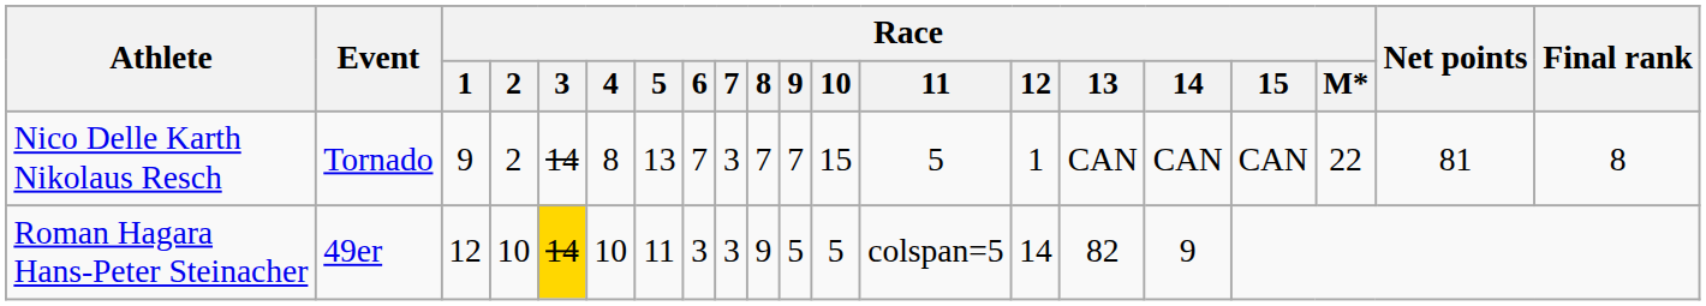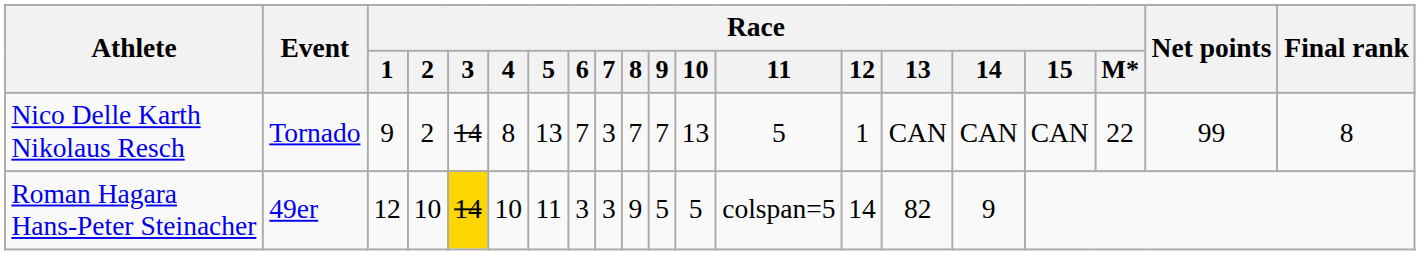 <table class="wikitable" style="font-size:90%">
 <tr>
 <th rowspan=2>Athlete</th>
 <th rowspan=2>Event</th>
 <th colspan=16>Race</th>
 <th rowspan=2>Net points</th>
 <th rowspan=2>Final rank</th>
 </tr>
 <tr style="font-size:95%">
 <th>1</th>
 <th>2</th>
 <th>3</th>
 <th>4</th>
 <th>5</th>
 <th>6</th>
 <th>7</th>
 <th>8</th>
 <th>9</th>
 <th>10</th>
 <th>11</th>
 <th>12</th>
 <th>13</th>
 <th>14</th>
 <th>15</th>
 <th>M*</th>
 </tr>
 <tr align=center>
 <td align=left><a href='#'>Nico Delle Karth</a> <br><a href='#'>Nikolaus Resch</a></td>
 <td align=left><a href='#'>Tornado</a></td>
 <td>9</td>
 <td>2</td>
 <td><s>14</s></td>
 <td>8</td>
 <td>13</td>
 <td>7</td>
 <td>3</td>
 <td>7</td>
 <td>7</td>
-<td>15</td>
+<td>13</td>
 <td>5</td>
 <td>1</td>
 <td>CAN</td>
 <td>CAN</td>
 <td>CAN</td>
 <td>22</td>
-<td>81</td>
+<td>99</td>
 <td>8</td>
 </tr>
 <tr align=center>
 <td align=left><a href='#'>Roman Hagara</a><br><a href='#'>Hans-Peter Steinacher</a></td>
 <td align=left><a href='#'>49er</a></td>
 <td>12</td>
 <td>10</td>
 <td style="background: gold;"><s>14</s></td>
 <td>10</td>
 <td>11</td>
 <td>3</td>
 <td>3</td>
 <td>9</td>
 <td>5</td>
 <td>5</td>
 <td>colspan=5 </td>
 <td>14</td>
 <td>82</td>
 <td>9</td>
 </tr>
 </table>
